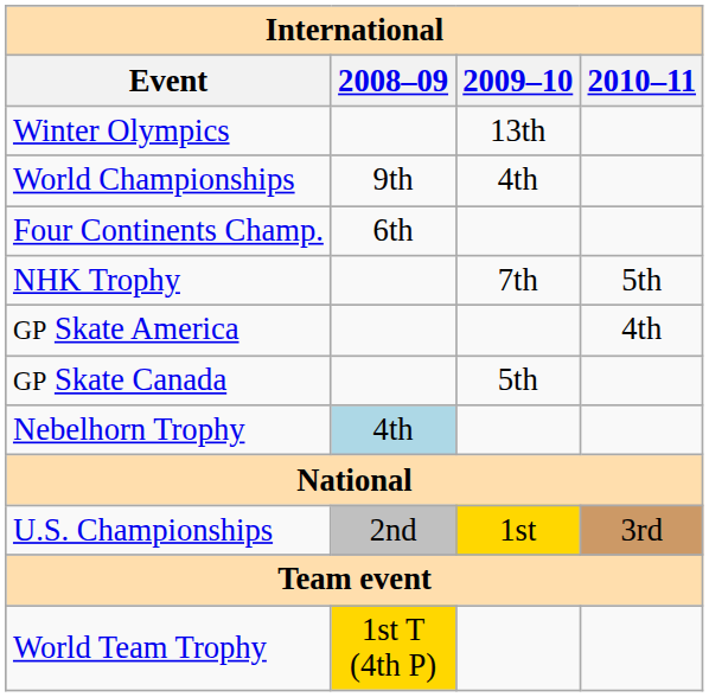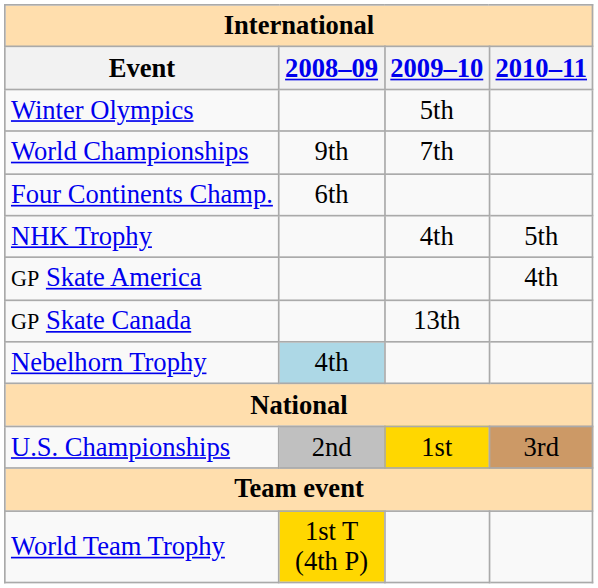 <table class="wikitable" style="text-align:center">
 <tr>
 <th style="background-color: #ffdead; " colspan=4 align=center><strong>International</strong></th>
 </tr>
 <tr>
 <th>Event</th>
 <th><a href='#'>2008–09</a></th>
 <th><a href='#'>2009–10</a></th>
 <th><a href='#'>2010–11</a></th>
 </tr>
 <tr>
 <td align=left><a href='#'>Winter Olympics</a></td>
 <td></td>
-<td>13th</td>
+<td>5th</td>
 <td></td>
 </tr>
 <tr>
 <td align=left><a href='#'>World Championships</a></td>
 <td>9th</td>
-<td>4th</td>
+<td>7th</td>
 <td></td>
 </tr>
 <tr>
 <td align=left><a href='#'>Four Continents Champ.</a></td>
 <td>6th</td>
 <td></td>
 <td></td>
 </tr>
 <tr>
 <td align=left> <a href='#'>NHK Trophy</a></td>
 <td></td>
-<td>7th</td>
+<td>4th</td>
 <td>5th</td>
 </tr>
 <tr>
 <td align=left><small>GP</small> <a href='#'>Skate America</a></td>
 <td></td>
 <td></td>
 <td>4th</td>
 </tr>
 <tr>
 <td align=left><small>GP</small> <a href='#'>Skate Canada</a></td>
 <td></td>
-<td>5th</td>
+<td>13th</td>
 <td></td>
 </tr>
 <tr>
 <td align=left><a href='#'>Nebelhorn Trophy</a></td>
 <td style="background: lightblue;">4th</td>
 <td></td>
 <td></td>
 </tr>
 <tr>
 <th style="background-color: #ffdead; " colspan=4 align=center><strong>National</strong></th>
 </tr>
 <tr>
 <td align=left><a href='#'>U.S. Championships</a></td>
 <td bgcolor=silver>2nd</td>
 <td bgcolor=gold>1st</td>
 <td bgcolor=cc9966>3rd</td>
 </tr>
 <tr>
 <th style="background-color: #ffdead; " colspan=4 align=center><strong>Team event</strong></th>
 </tr>
 <tr>
 <td align=left><a href='#'>World Team Trophy</a></td>
 <td bgcolor=gold>1st T <br>(4th P)</td>
 <td></td>
 <td></td>
 </tr>
 </table>
